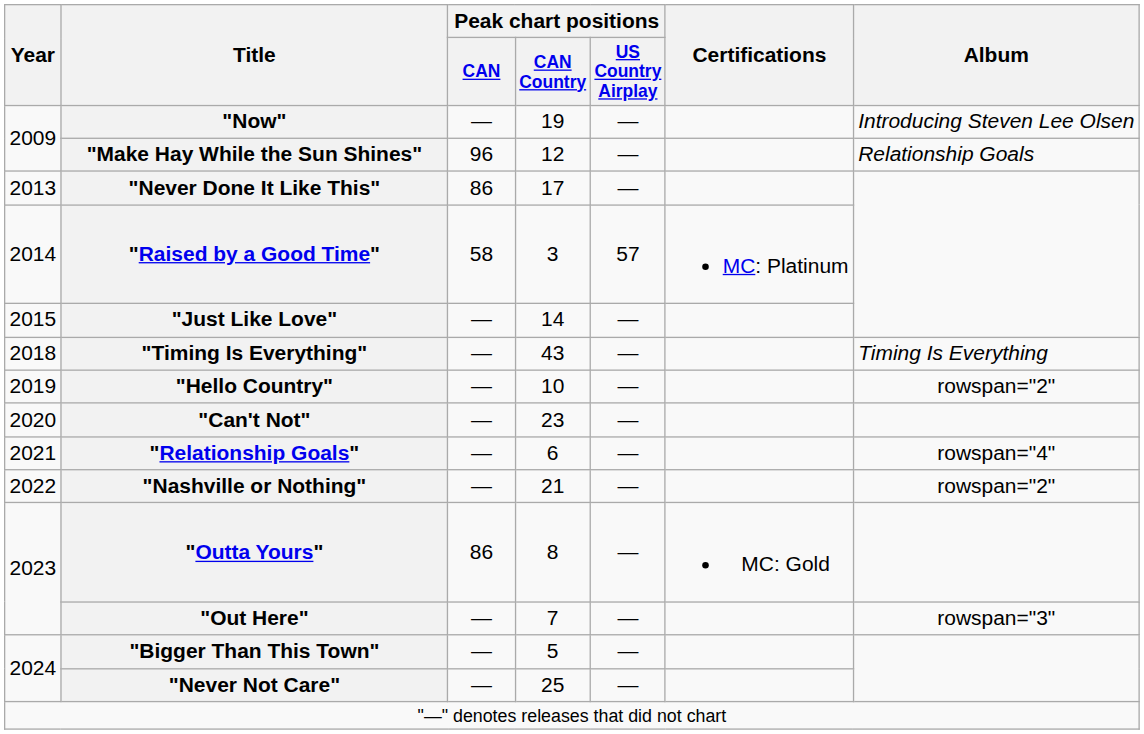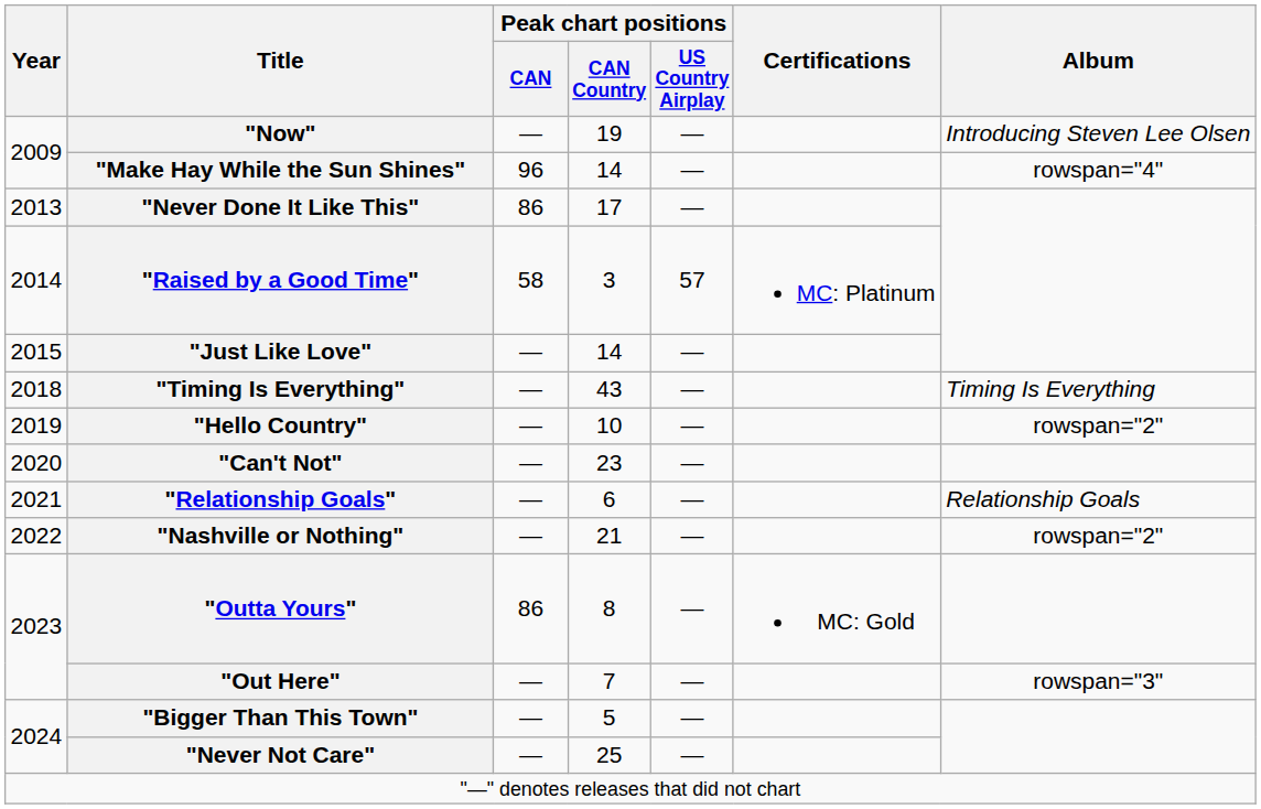 <table class="wikitable plainrowheaders" style="text-align:center;">
 <tr>
 <th scope="col" rowspan="2">Year</th>
 <th scope="col" rowspan="2" style="width:18em;">Title</th>
 <th scope="col" colspan="3">Peak chart positions</th>
 <th scope="col" rowspan="2">Certifications</th>
 <th scope="col" rowspan="2">Album</th>
 </tr>
 <tr style="font-size:smaller;">
 <th scope="col" width="45"><a href='#'>CAN</a><br></th>
 <th scope="col" width="45"><a href='#'>CAN Country</a><br></th>
 <th scope="col" width="45"><a href='#'>US Country Airplay</a><br></th>
 </tr>
 <tr>
 <td rowspan="2">2009</td>
 <th scope="row">"Now"</th>
 <td>—</td>
 <td>19</td>
 <td>—</td>
 <td></td>
 <td align="left"><em>Introducing Steven Lee Olsen</em></td>
 </tr>
 <tr>
 <th scope="row">"Make Hay While the Sun Shines"</th>
 <td>96</td>
-<td>12</td>
+<td>14</td>
 <td>—</td>
 <td></td>
-<td align="left"><em>Relationship Goals</em></td>
+<td>rowspan="4" </td>
 </tr>
 <tr>
 <td>2013</td>
 <th scope="row">"Never Done It Like This"</th>
 <td>86</td>
 <td>17</td>
 <td>—</td>
 <td></td>
 </tr>
 <tr>
 <td>2014</td>
 <th scope="row">"<a href='#'>Raised by a Good Time</a>"</th>
 <td>58</td>
 <td>3</td>
 <td>57</td>
 <td><br><ul><li><a href='#'>MC</a>: Platinum</li></ul></td>
 </tr>
 <tr>
 <td>2015</td>
 <th scope="row">"Just Like Love"</th>
 <td>—</td>
 <td>14</td>
 <td>—</td>
 <td></td>
 </tr>
 <tr>
 <td>2018</td>
 <th scope="row">"Timing Is Everything"</th>
 <td>—</td>
 <td>43</td>
 <td>—</td>
 <td></td>
 <td align="left"><em>Timing Is Everything</em></td>
 </tr>
 <tr>
 <td>2019</td>
 <th scope="row">"Hello Country"</th>
 <td>—</td>
 <td>10</td>
 <td>—</td>
 <td></td>
 <td>rowspan="2" </td>
 </tr>
 <tr>
 <td>2020</td>
 <th scope="row">"Can't Not"</th>
 <td>—</td>
 <td>23</td>
 <td>—</td>
 <td></td>
 </tr>
 <tr>
 <td>2021</td>
 <th scope="row">"<a href='#'>Relationship Goals</a>"</th>
 <td>—</td>
 <td>6</td>
 <td>—</td>
 <td></td>
-<td>rowspan="4" </td>
+<td align="left"><em>Relationship Goals</em></td>
 </tr>
 <tr>
 <td>2022</td>
 <th scope="row">"Nashville or Nothing"</th>
 <td>—</td>
 <td>21</td>
 <td>—</td>
 <td></td>
 <td>rowspan="2" </td>
 </tr>
 <tr>
 <td rowspan="2">2023</td>
 <th scope="row">"<a href='#'>Outta Yours</a>"</th>
 <td>86</td>
 <td>8</td>
 <td>—</td>
 <td><br><ul><li>MC: Gold</li></ul></td>
 </tr>
 <tr>
 <th scope="row">"Out Here"</th>
 <td>—</td>
 <td>7</td>
 <td>—</td>
 <td></td>
 <td>rowspan="3" </td>
 </tr>
 <tr>
 <td rowspan="2">2024</td>
 <th scope="row">"Bigger Than This Town"</th>
 <td>—</td>
 <td>5</td>
 <td>—</td>
 <td></td>
 </tr>
 <tr>
 <th scope="row">"Never Not Care"<br></th>
 <td>—</td>
 <td>25</td>
 <td>—</td>
 <td></td>
 </tr>
 <tr>
 <td colspan="7" style="font-size:85%">"—" denotes releases that did not chart</td>
 </tr>
 </table>
